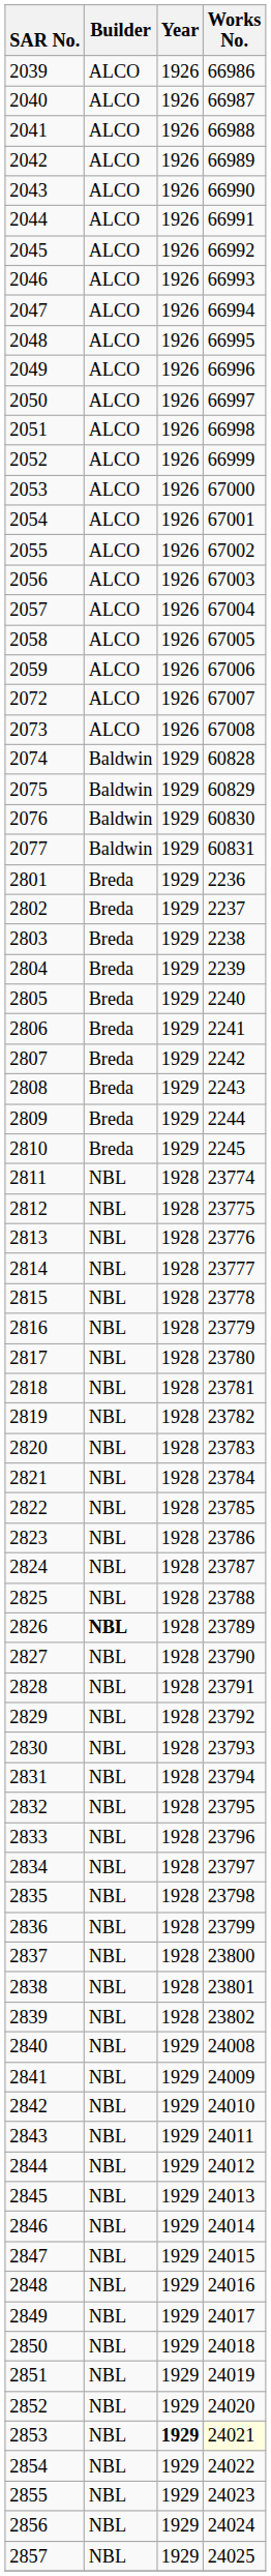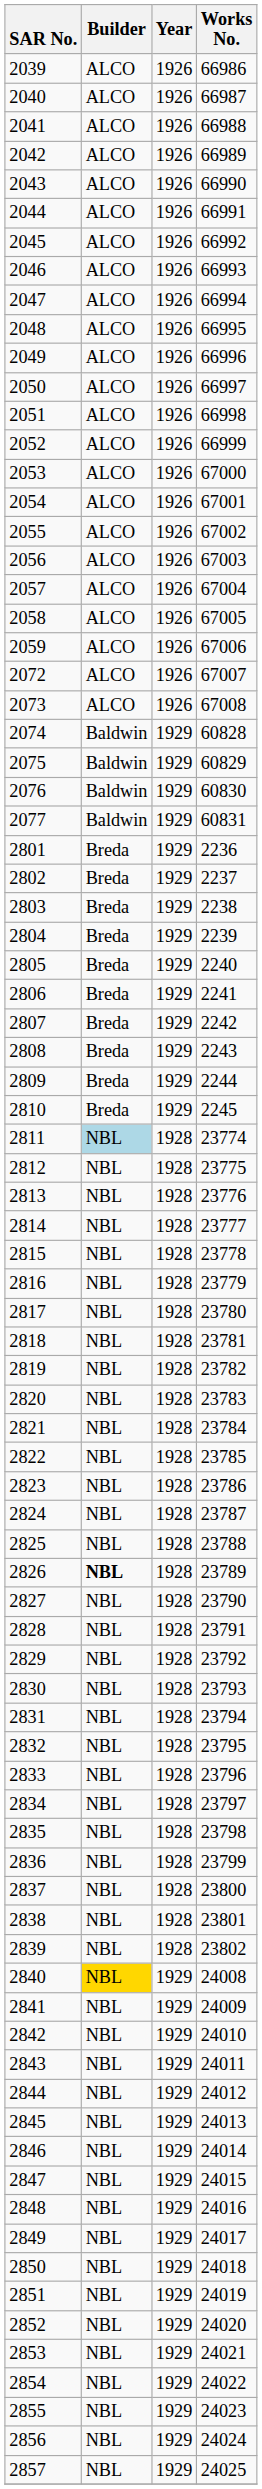 <table class="wikitable collapsible collapsed sortable" style="margin:0.5em auto; font-size:100%;">
 <tr>
 <th><br>SAR No.</th>
 <th>Builder<br></th>
 <th>Year<br></th>
 <th>Works<br>No.</th>
 </tr>
 <tr>
 <td>2039 </td>
 <td>ALCO</td>
 <td>1926</td>
 <td>66986</td>
 </tr>
 <tr>
 <td>2040 </td>
 <td>ALCO</td>
 <td>1926</td>
 <td>66987</td>
 </tr>
 <tr>
 <td>2041 </td>
 <td>ALCO</td>
 <td>1926</td>
 <td>66988</td>
 </tr>
 <tr>
 <td>2042 </td>
 <td>ALCO</td>
 <td>1926</td>
 <td>66989</td>
 </tr>
 <tr>
 <td>2043 </td>
 <td>ALCO</td>
 <td>1926</td>
 <td>66990</td>
 </tr>
 <tr>
 <td>2044 </td>
 <td>ALCO</td>
 <td>1926</td>
 <td>66991</td>
 </tr>
 <tr>
 <td>2045 </td>
 <td>ALCO</td>
 <td>1926</td>
 <td>66992</td>
 </tr>
 <tr>
 <td>2046 </td>
 <td>ALCO</td>
 <td>1926</td>
 <td>66993</td>
 </tr>
 <tr>
 <td>2047 </td>
 <td>ALCO</td>
 <td>1926</td>
 <td>66994</td>
 </tr>
 <tr>
 <td>2048 </td>
 <td>ALCO</td>
 <td>1926</td>
 <td>66995</td>
 </tr>
 <tr>
 <td>2049 </td>
 <td>ALCO</td>
 <td>1926</td>
 <td>66996</td>
 </tr>
 <tr>
 <td>2050 </td>
 <td>ALCO</td>
 <td>1926</td>
 <td>66997</td>
 </tr>
 <tr>
 <td>2051 </td>
 <td>ALCO</td>
 <td>1926</td>
 <td>66998</td>
 </tr>
 <tr>
 <td>2052 </td>
 <td>ALCO</td>
 <td>1926</td>
 <td>66999</td>
 </tr>
 <tr>
 <td>2053 </td>
 <td>ALCO</td>
 <td>1926</td>
 <td>67000</td>
 </tr>
 <tr>
 <td>2054 </td>
 <td>ALCO</td>
 <td>1926</td>
 <td>67001</td>
 </tr>
 <tr>
 <td>2055 </td>
 <td>ALCO</td>
 <td>1926</td>
 <td>67002</td>
 </tr>
 <tr>
 <td>2056 </td>
 <td>ALCO</td>
 <td>1926</td>
 <td>67003</td>
 </tr>
 <tr>
 <td>2057 </td>
 <td>ALCO</td>
 <td>1926</td>
 <td>67004</td>
 </tr>
 <tr>
 <td>2058 </td>
 <td>ALCO</td>
 <td>1926</td>
 <td>67005</td>
 </tr>
 <tr>
 <td>2059 </td>
 <td>ALCO</td>
 <td>1926</td>
 <td>67006</td>
 </tr>
 <tr>
 <td>2072 </td>
 <td>ALCO</td>
 <td>1926</td>
 <td>67007</td>
 </tr>
 <tr>
 <td>2073 </td>
 <td>ALCO</td>
 <td>1926</td>
 <td>67008</td>
 </tr>
 <tr>
 <td>2074 </td>
 <td>Baldwin</td>
 <td>1929</td>
 <td>60828</td>
 </tr>
 <tr>
 <td>2075 </td>
 <td>Baldwin</td>
 <td>1929</td>
 <td>60829</td>
 </tr>
 <tr>
 <td>2076 </td>
 <td>Baldwin</td>
 <td>1929</td>
 <td>60830</td>
 </tr>
 <tr>
 <td>2077 </td>
 <td>Baldwin</td>
 <td>1929</td>
 <td>60831</td>
 </tr>
 <tr>
 <td>2801 </td>
 <td>Breda</td>
 <td>1929</td>
 <td>2236</td>
 </tr>
 <tr>
 <td>2802 </td>
 <td>Breda</td>
 <td>1929</td>
 <td>2237</td>
 </tr>
 <tr>
 <td>2803 </td>
 <td>Breda</td>
 <td>1929</td>
 <td>2238</td>
 </tr>
 <tr>
 <td>2804 </td>
 <td>Breda</td>
 <td>1929</td>
 <td>2239</td>
 </tr>
 <tr>
 <td>2805 </td>
 <td>Breda</td>
 <td>1929</td>
 <td>2240</td>
 </tr>
 <tr>
 <td>2806 </td>
 <td>Breda</td>
 <td>1929</td>
 <td>2241</td>
 </tr>
 <tr>
 <td>2807 </td>
 <td>Breda</td>
 <td>1929</td>
 <td>2242</td>
 </tr>
 <tr>
 <td>2808 </td>
 <td>Breda</td>
 <td>1929</td>
 <td>2243</td>
 </tr>
 <tr>
 <td>2809 </td>
 <td>Breda</td>
 <td>1929</td>
 <td>2244</td>
 </tr>
 <tr>
 <td>2810 </td>
 <td>Breda</td>
 <td>1929</td>
 <td>2245</td>
 </tr>
 <tr>
 <td>2811 </td>
-<td>NBL</td>
+<td style="background: lightblue;">NBL</td>
 <td>1928</td>
 <td>23774</td>
 </tr>
 <tr>
 <td>2812 </td>
 <td>NBL</td>
 <td>1928</td>
 <td>23775</td>
 </tr>
 <tr>
 <td>2813 </td>
 <td>NBL</td>
 <td>1928</td>
 <td>23776</td>
 </tr>
 <tr>
 <td>2814 </td>
 <td>NBL</td>
 <td>1928</td>
 <td>23777</td>
 </tr>
 <tr>
 <td>2815 </td>
 <td>NBL</td>
 <td>1928</td>
 <td>23778</td>
 </tr>
 <tr>
 <td>2816 </td>
 <td>NBL</td>
 <td>1928</td>
 <td>23779</td>
 </tr>
 <tr>
 <td>2817 </td>
 <td>NBL</td>
 <td>1928</td>
 <td>23780</td>
 </tr>
 <tr>
 <td>2818 </td>
 <td>NBL</td>
 <td>1928</td>
 <td>23781</td>
 </tr>
 <tr>
 <td>2819 </td>
 <td>NBL</td>
 <td>1928</td>
 <td>23782</td>
 </tr>
 <tr>
 <td>2820 </td>
 <td>NBL</td>
 <td>1928</td>
 <td>23783</td>
 </tr>
 <tr>
 <td>2821 </td>
 <td>NBL</td>
 <td>1928</td>
 <td>23784</td>
 </tr>
 <tr>
 <td>2822 </td>
 <td>NBL</td>
 <td>1928</td>
 <td>23785</td>
 </tr>
 <tr>
 <td>2823 </td>
 <td>NBL</td>
 <td>1928</td>
 <td>23786</td>
 </tr>
 <tr>
 <td>2824 </td>
 <td>NBL</td>
 <td>1928</td>
 <td>23787</td>
 </tr>
 <tr>
 <td>2825 </td>
 <td>NBL</td>
 <td>1928</td>
 <td>23788</td>
 </tr>
 <tr>
 <td>2826 </td>
 <td><strong>NBL</strong></td>
 <td>1928</td>
 <td>23789</td>
 </tr>
 <tr>
 <td>2827 </td>
 <td>NBL</td>
 <td>1928</td>
 <td>23790</td>
 </tr>
 <tr>
 <td>2828 </td>
 <td>NBL</td>
 <td>1928</td>
 <td>23791</td>
 </tr>
 <tr>
 <td>2829 </td>
 <td>NBL</td>
 <td>1928</td>
 <td>23792</td>
 </tr>
 <tr>
 <td>2830 </td>
 <td>NBL</td>
 <td>1928</td>
 <td>23793</td>
 </tr>
 <tr>
 <td>2831 </td>
 <td>NBL</td>
 <td>1928</td>
 <td>23794</td>
 </tr>
 <tr>
 <td>2832 </td>
 <td>NBL</td>
 <td>1928</td>
 <td>23795</td>
 </tr>
 <tr>
 <td>2833 </td>
 <td>NBL</td>
 <td>1928</td>
 <td>23796</td>
 </tr>
 <tr>
 <td>2834 </td>
 <td>NBL</td>
 <td>1928</td>
 <td>23797</td>
 </tr>
 <tr>
 <td>2835 </td>
 <td>NBL</td>
 <td>1928</td>
 <td>23798</td>
 </tr>
 <tr>
 <td>2836 </td>
 <td>NBL</td>
 <td>1928</td>
 <td>23799</td>
 </tr>
 <tr>
 <td>2837 </td>
 <td>NBL</td>
 <td>1928</td>
 <td>23800</td>
 </tr>
 <tr>
 <td>2838 </td>
 <td>NBL</td>
 <td>1928</td>
 <td>23801</td>
 </tr>
 <tr>
 <td>2839 </td>
 <td>NBL</td>
 <td>1928</td>
 <td>23802</td>
 </tr>
 <tr>
 <td>2840 </td>
-<td>NBL</td>
+<td style="background: gold;">NBL</td>
 <td>1929</td>
 <td>24008</td>
 </tr>
 <tr>
 <td>2841 </td>
 <td>NBL</td>
 <td>1929</td>
 <td>24009</td>
 </tr>
 <tr>
 <td>2842 </td>
 <td>NBL</td>
 <td>1929</td>
 <td>24010</td>
 </tr>
 <tr>
 <td>2843 </td>
 <td>NBL</td>
 <td>1929</td>
 <td>24011</td>
 </tr>
 <tr>
 <td>2844 </td>
 <td>NBL</td>
 <td>1929</td>
 <td>24012</td>
 </tr>
 <tr>
 <td>2845 </td>
 <td>NBL</td>
 <td>1929</td>
 <td>24013</td>
 </tr>
 <tr>
 <td>2846 </td>
 <td>NBL</td>
 <td>1929</td>
 <td>24014</td>
 </tr>
 <tr>
 <td>2847 </td>
 <td>NBL</td>
 <td>1929</td>
 <td>24015</td>
 </tr>
 <tr>
 <td>2848 </td>
 <td>NBL</td>
 <td>1929</td>
 <td>24016</td>
 </tr>
 <tr>
 <td>2849 </td>
 <td>NBL</td>
 <td>1929</td>
 <td>24017</td>
 </tr>
 <tr>
 <td>2850 </td>
 <td>NBL</td>
 <td>1929</td>
 <td>24018</td>
 </tr>
 <tr>
 <td>2851 </td>
 <td>NBL</td>
 <td>1929</td>
 <td>24019</td>
 </tr>
 <tr>
 <td>2852 </td>
 <td>NBL</td>
 <td>1929</td>
 <td>24020</td>
 </tr>
 <tr>
 <td>2853 </td>
 <td>NBL</td>
-<td><strong>1929</strong></td>
-<td style="background: lightyellow;">24021</td>
+<td>1929</td>
+<td>24021</td>
 </tr>
 <tr>
 <td>2854 </td>
 <td>NBL</td>
 <td>1929</td>
 <td>24022</td>
 </tr>
 <tr>
 <td>2855 </td>
 <td>NBL</td>
 <td>1929</td>
 <td>24023</td>
 </tr>
 <tr>
 <td>2856 </td>
 <td>NBL</td>
 <td>1929</td>
 <td>24024</td>
 </tr>
 <tr>
 <td>2857 </td>
 <td>NBL</td>
 <td>1929</td>
 <td>24025</td>
 </tr>
 <tr>
 </tr>
 </table>
